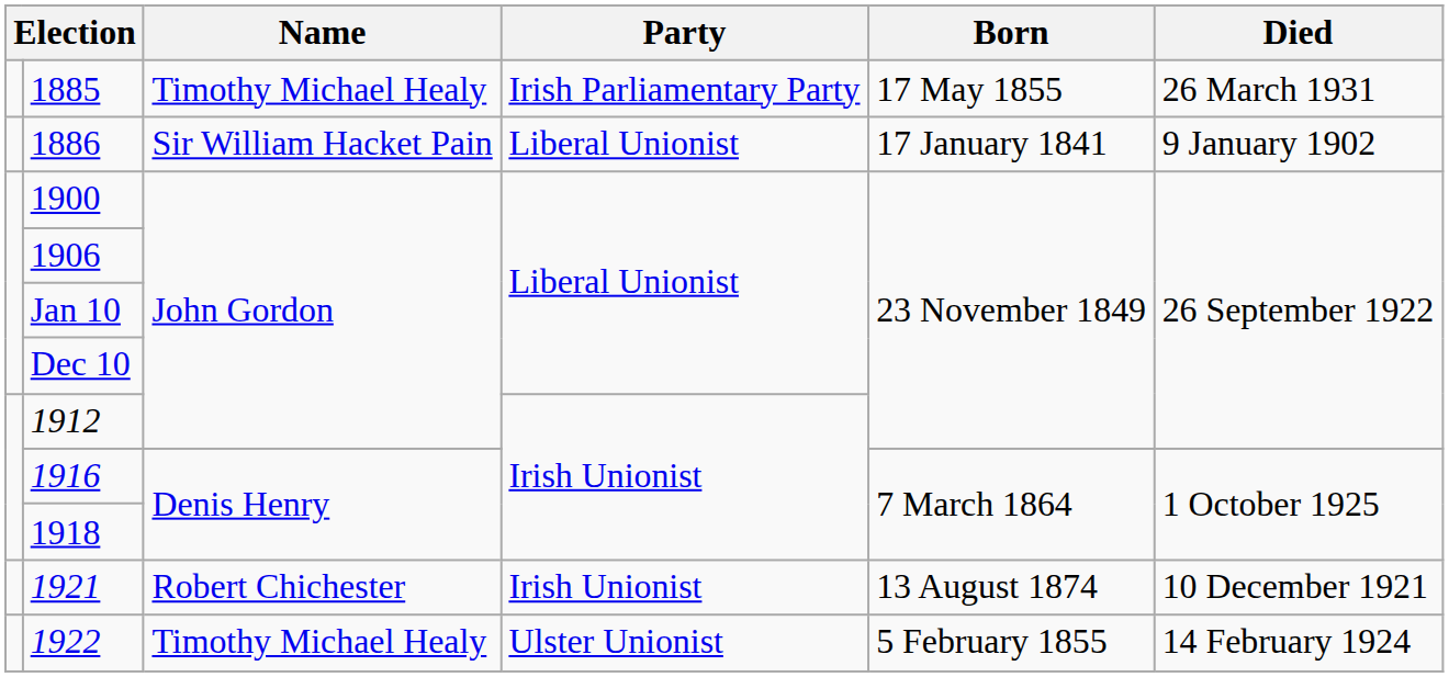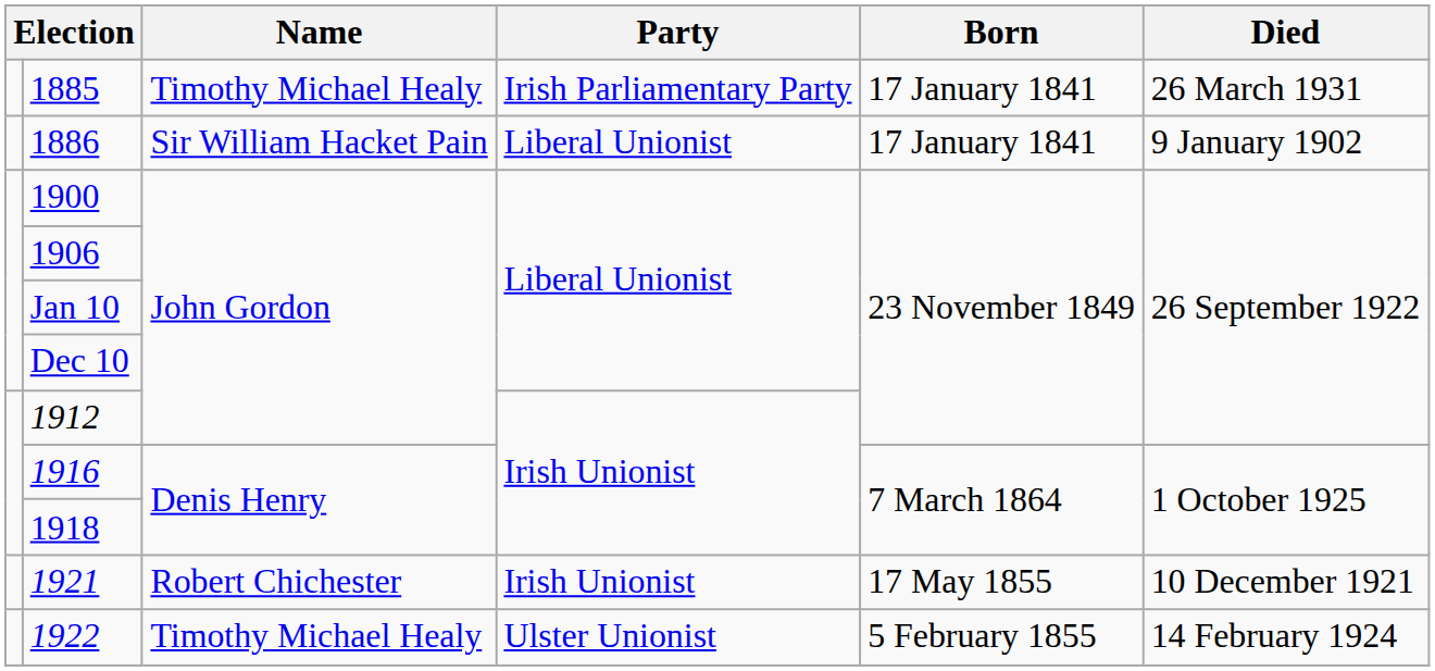 <table class="wikitable">
 <tr>
 <th colspan="2">Election</th>
 <th>Name</th>
 <th>Party</th>
 <th>Born</th>
 <th>Died</th>
 </tr>
 <tr>
 <td style="color:inherit;background-color: "></td>
 <td><a href='#'>1885</a></td>
 <td><a href='#'>Timothy Michael Healy</a></td>
 <td><a href='#'>Irish Parliamentary Party</a></td>
-<td>17 May 1855</td>
+<td>17 January 1841</td>
 <td>26 March 1931</td>
 </tr>
 <tr>
 <td style="color:inherit;background-color: "></td>
 <td><a href='#'>1886</a></td>
 <td><a href='#'>Sir William Hacket Pain</a></td>
 <td><a href='#'>Liberal Unionist</a></td>
 <td>17 January 1841</td>
 <td>9 January 1902</td>
 </tr>
 <tr>
 <td rowspan="4" style="color:inherit;background-color: "></td>
 <td><a href='#'>1900</a></td>
 <td rowspan="5"><a href='#'>John Gordon</a></td>
 <td rowspan="4"><a href='#'>Liberal Unionist</a></td>
 <td rowspan="5">23 November 1849</td>
 <td rowspan="5">26 September 1922</td>
 </tr>
 <tr>
 <td><a href='#'>1906</a></td>
 </tr>
 <tr>
 <td><a href='#'>Jan 10</a></td>
 </tr>
 <tr>
 <td><a href='#'>Dec 10</a></td>
 </tr>
 <tr>
 <td rowspan="3" style="color:inherit;background-color: "></td>
 <td><em>1912</em></td>
 <td rowspan="3"><a href='#'>Irish Unionist</a></td>
 </tr>
 <tr>
 <td><em><a href='#'>1916</a></em></td>
 <td rowspan="2"><a href='#'>Denis Henry</a></td>
 <td rowspan="2">7 March 1864</td>
 <td rowspan="2">1 October 1925</td>
 </tr>
 <tr>
 <td><a href='#'>1918</a></td>
 </tr>
 <tr>
 <td style="color:inherit;background-color: "></td>
 <td><em><a href='#'>1921</a></em></td>
 <td><a href='#'>Robert Chichester</a></td>
 <td><a href='#'>Irish Unionist</a></td>
-<td>13 August 1874</td>
+<td>17 May 1855</td>
 <td>10 December 1921</td>
 </tr>
 <tr>
 <td style="color:inherit;background-color: "></td>
 <td><em><a href='#'>1922</a></em></td>
 <td><a href='#'>Timothy Michael Healy</a></td>
 <td><a href='#'>Ulster Unionist</a></td>
 <td>5 February 1855</td>
 <td>14 February 1924</td>
 </tr>
 </table>
